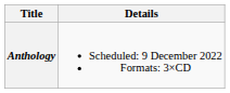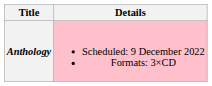 <table class="wikitable plainrowheaders" style="text-align:center;">
 <tr>
 <th scope="col">Title</th>
 <th scope="col">Details</th>
 </tr>
 <tr>
 <th scope="row"><em>Anthology</em></th>
-<td><br><ul><li>Scheduled: 9 December 2022</li><li>Formats: 3×CD</li></ul></td>
+<td style="background: pink;"><br><ul><li>Scheduled: 9 December 2022</li><li>Formats: 3×CD</li></ul></td>
 </tr>
 </table>
